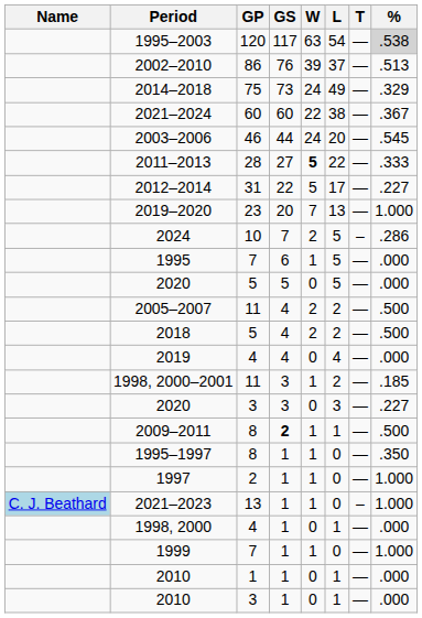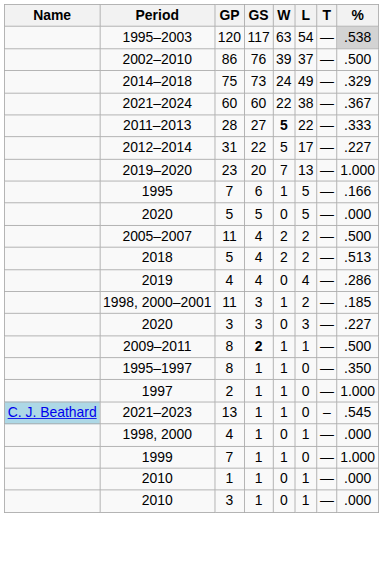 <table class="wikitable sortable" style="text-align:center">
 <tr>
 <th scope="col">Name</th>
 <th scope="col">Period</th>
 <th scope="col">GP</th>
 <th scope="col">GS</th>
 <th scope="col">W</th>
 <th scope="col">L</th>
 <th scope="col">T</th>
 <th scope="col">%</th>
 </tr>
 <tr>
 <td></td>
 <td>1995–2003</td>
 <td>120</td>
 <td>117</td>
 <td>63</td>
 <td>54</td>
 <td>—</td>
 <td style="background: lightgrey;">.538</td>
 </tr>
 <tr>
 <td></td>
 <td>2002–2010</td>
 <td>86</td>
 <td>76</td>
 <td>39</td>
 <td>37</td>
 <td>—</td>
-<td>.513</td>
+<td>.500</td>
 </tr>
 <tr>
 <td></td>
 <td>2014–2018</td>
 <td>75</td>
 <td>73</td>
 <td>24</td>
 <td>49</td>
 <td>—</td>
 <td>.329</td>
 </tr>
 <tr>
 <td></td>
 <td>2021–2024</td>
 <td>60</td>
 <td>60</td>
 <td>22</td>
 <td>38</td>
 <td>—</td>
 <td>.367</td>
-</tr>
-<tr>
-<td></td>
-<td>2003–2006</td>
-<td>46</td>
-<td>44</td>
-<td>24</td>
-<td>20</td>
-<td>—</td>
-<td>.545</td>
 </tr>
 <tr>
 <td></td>
 <td>2011–2013</td>
 <td>28</td>
 <td>27</td>
 <td><strong>5</strong></td>
 <td>22</td>
 <td>—</td>
 <td>.333</td>
 </tr>
 <tr>
 <td></td>
 <td>2012–2014</td>
 <td>31</td>
 <td>22</td>
 <td>5</td>
 <td>17</td>
 <td>—</td>
 <td>.227</td>
 </tr>
 <tr>
 <td></td>
 <td>2019–2020</td>
 <td>23</td>
 <td>20</td>
 <td>7</td>
 <td>13</td>
 <td>—</td>
 <td>1.000</td>
 </tr>
 <tr>
 <td></td>
-<td>2024</td>
-<td>10</td>
-<td>7</td>
-<td>2</td>
-<td>5</td>
-<td>–</td>
-<td>.286</td>
-</tr>
-<tr>
-<td></td>
 <td>1995</td>
 <td>7</td>
 <td>6</td>
 <td>1</td>
 <td>5</td>
 <td>—</td>
-<td>.000</td>
+<td>.166</td>
 </tr>
 <tr>
 <td></td>
 <td>2020</td>
 <td>5</td>
 <td>5</td>
 <td>0</td>
 <td>5</td>
 <td>—</td>
 <td>.000</td>
 </tr>
 <tr>
 <td></td>
 <td>2005–2007</td>
 <td>11</td>
 <td>4</td>
 <td>2</td>
 <td>2</td>
 <td>—</td>
 <td>.500</td>
 </tr>
 <tr>
 <td></td>
 <td>2018</td>
 <td>5</td>
 <td>4</td>
 <td>2</td>
 <td>2</td>
 <td>—</td>
-<td>.500</td>
+<td>.513</td>
 </tr>
 <tr>
 <td></td>
 <td>2019</td>
 <td>4</td>
 <td>4</td>
 <td>0</td>
 <td>4</td>
 <td>—</td>
-<td>.000</td>
+<td>.286</td>
 </tr>
 <tr>
 <td></td>
 <td>1998, 2000–2001</td>
 <td>11</td>
 <td>3</td>
 <td>1</td>
 <td>2</td>
 <td>—</td>
 <td>.185</td>
 </tr>
 <tr>
 <td></td>
 <td>2020</td>
 <td>3</td>
 <td>3</td>
 <td>0</td>
 <td>3</td>
 <td>—</td>
 <td>.227</td>
 </tr>
 <tr>
 <td></td>
 <td>2009–2011</td>
 <td>8</td>
 <td><strong>2</strong></td>
 <td>1</td>
 <td>1</td>
 <td>—</td>
 <td>.500</td>
 </tr>
 <tr>
 <td></td>
 <td>1995–1997</td>
 <td>8</td>
 <td>1</td>
 <td>1</td>
 <td>0</td>
 <td>—</td>
 <td>.350</td>
 </tr>
 <tr>
 <td></td>
 <td>1997</td>
 <td>2</td>
 <td>1</td>
 <td>1</td>
 <td>0</td>
 <td>—</td>
 <td>1.000</td>
 </tr>
 <tr>
 <td style="background: lightblue;"><a href='#'>C. J. Beathard</a></td>
 <td>2021–2023</td>
 <td>13</td>
 <td>1</td>
 <td>1</td>
 <td>0</td>
 <td>–</td>
-<td>1.000</td>
+<td>.545</td>
 </tr>
 <tr>
 <td></td>
 <td>1998, 2000</td>
 <td>4</td>
 <td>1</td>
 <td>0</td>
 <td>1</td>
 <td>—</td>
 <td>.000</td>
 </tr>
 <tr>
 <td></td>
 <td>1999</td>
 <td>7</td>
 <td>1</td>
 <td>1</td>
 <td>0</td>
 <td>—</td>
 <td>1.000</td>
 </tr>
 <tr>
 <td></td>
 <td>2010</td>
 <td>1</td>
 <td>1</td>
 <td>0</td>
 <td>1</td>
 <td>—</td>
 <td>.000</td>
 </tr>
 <tr>
 <td></td>
 <td>2010</td>
 <td>3</td>
 <td>1</td>
 <td>0</td>
 <td>1</td>
 <td>—</td>
 <td>.000</td>
 </tr>
 </table>
